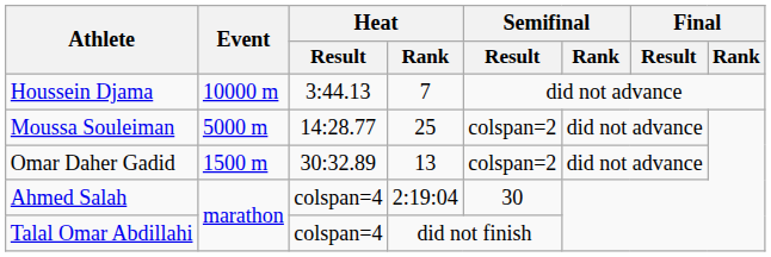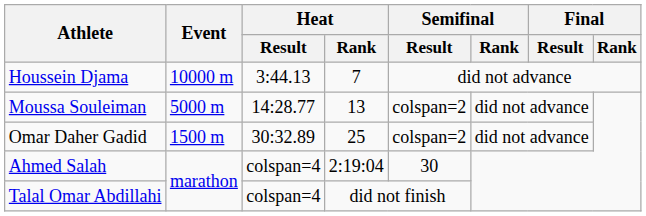 <table class="wikitable" style="font-size:90%">
 <tr>
 <th rowspan="2">Athlete</th>
 <th rowspan="2">Event</th>
 <th colspan="2">Heat</th>
 <th colspan="2">Semifinal</th>
 <th colspan="2">Final</th>
 </tr>
 <tr style="font-size:95%">
 <th>Result</th>
 <th>Rank</th>
 <th>Result</th>
 <th>Rank</th>
 <th>Result</th>
 <th>Rank</th>
 </tr>
 <tr align=center>
 <td align=left><a href='#'>Houssein Djama</a></td>
 <td align=left><a href='#'>10000 m</a></td>
 <td>3:44.13</td>
 <td>7</td>
 <td colspan=4>did not advance</td>
 </tr>
 <tr align=center>
 <td align=left><a href='#'>Moussa Souleiman</a></td>
 <td align=left><a href='#'>5000 m</a></td>
 <td>14:28.77</td>
-<td>25</td>
+<td>13</td>
 <td>colspan=2 </td>
 <td colspan=2>did not advance</td>
 </tr>
 <tr align=center>
 <td align=left>Omar Daher Gadid</td>
 <td align=left><a href='#'>1500 m</a></td>
 <td>30:32.89</td>
-<td>13</td>
+<td>25</td>
 <td>colspan=2 </td>
 <td colspan=2>did not advance</td>
 </tr>
 <tr align=center>
 <td align=left><a href='#'>Ahmed Salah</a></td>
 <td align=left rowspan=2><a href='#'>marathon</a></td>
 <td>colspan=4 </td>
 <td>2:19:04</td>
 <td>30</td>
 </tr>
 <tr align=center>
 <td align=left><a href='#'>Talal Omar Abdillahi</a></td>
 <td>colspan=4 </td>
 <td colspan=2>did not finish</td>
 </tr>
 </table>
